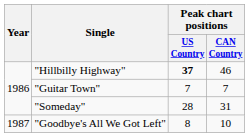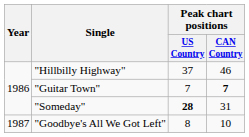 <table class="wikitable" style="text-align:center;">
 <tr>
 <th rowspan="2">Year</th>
 <th rowspan="2">Single</th>
 <th colspan="2">Peak chart positions</th>
 </tr>
 <tr style="font-size:smaller;">
 <th style="width:45px;"><a href='#'>US Country</a></th>
 <th style="width:45px;"><a href='#'>CAN Country</a></th>
 </tr>
 <tr>
 <td rowspan="3">1986</td>
 <td style="text-align:left;">"Hillbilly Highway"</td>
-<td><strong>37</strong></td>
+<td>37</td>
 <td>46</td>
 </tr>
 <tr>
 <td style="text-align:left;">"Guitar Town"</td>
 <td>7</td>
-<td>7</td>
+<td><strong>7</strong></td>
 </tr>
 <tr>
 <td style="text-align:left;">"Someday"</td>
-<td>28</td>
+<td><strong>28</strong></td>
 <td>31</td>
 </tr>
 <tr>
 <td>1987</td>
 <td style="text-align:left;">"Goodbye's All We Got Left"</td>
 <td>8</td>
 <td>10</td>
 </tr>
 </table>
